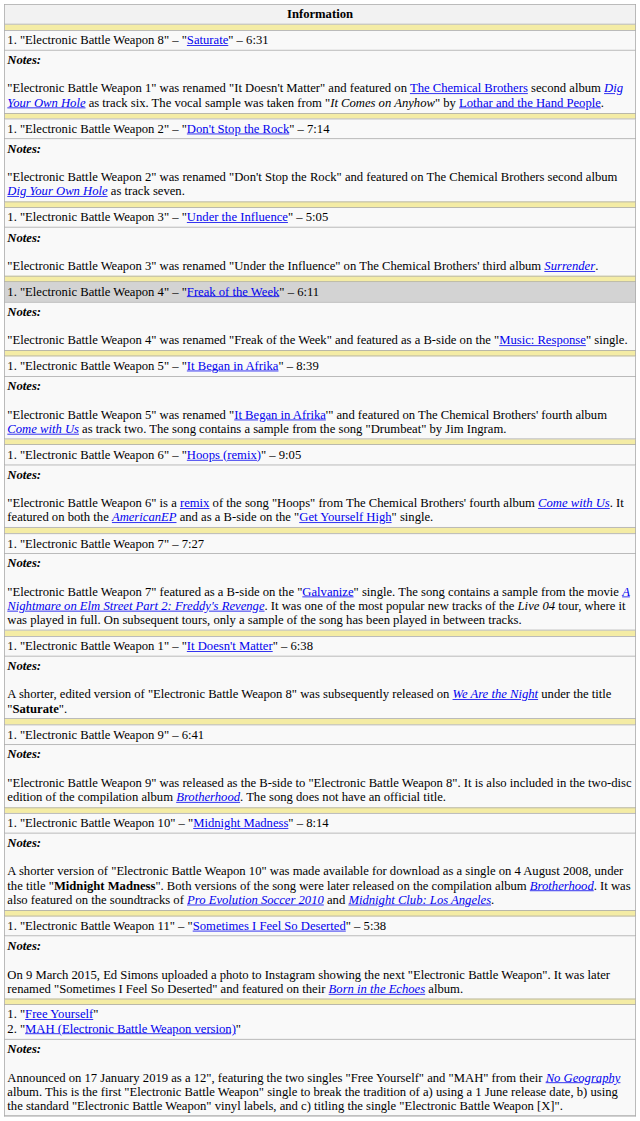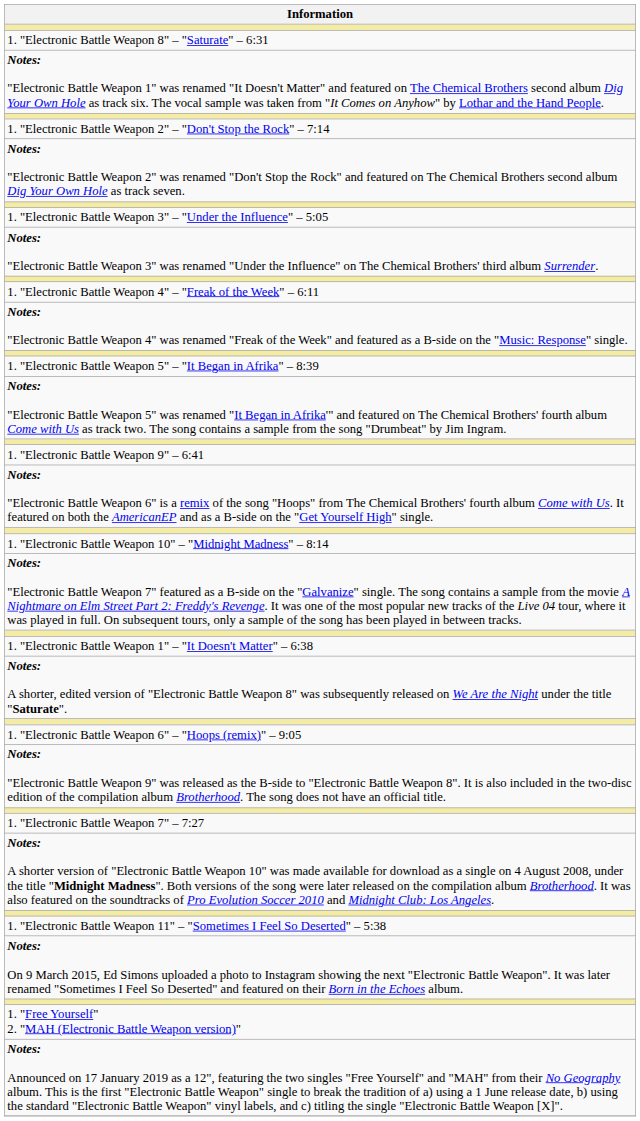 <table class="wikitable" width="800">
 <tr>
 <th width="670">Information</th>
 </tr>
 <tr>
 <td colspan="2" bgcolor="F4ECA5"></td>
 </tr>
 <tr>
 <td>1. "Electronic Battle Weapon 8" – "<a href='#'>Saturate</a>" – 6:31</td>
 </tr>
 <tr>
 <td><strong><em>Notes:</em></strong><br><br>"Electronic Battle Weapon 1" was renamed "It Doesn't Matter" and featured on <a href='#'>The Chemical Brothers</a> second album <em><a href='#'>Dig Your Own Hole</a></em> as track six. The vocal sample was taken from "<em>It Comes on Anyhow</em>" by <a href='#'>Lothar and the Hand People</a>.</td>
 </tr>
 <tr>
 <td colspan="2" bgcolor="F4ECA5"></td>
 </tr>
 <tr>
 <td>1. "Electronic Battle Weapon 2" – "<a href='#'>Don't Stop the Rock</a>" – 7:14</td>
 </tr>
 <tr>
 <td><strong><em>Notes:</em></strong><br><br>"Electronic Battle Weapon 2" was renamed "Don't Stop the Rock" and featured on The Chemical Brothers second album <em><a href='#'>Dig Your Own Hole</a></em> as track seven.</td>
 </tr>
 <tr>
 <td colspan="2" bgcolor="F4ECA5"></td>
 </tr>
 <tr>
 <td>1. "Electronic Battle Weapon 3" – "<a href='#'>Under the Influence</a>" – 5:05</td>
 </tr>
 <tr>
 <td><strong><em>Notes:</em></strong><br><br>"Electronic Battle Weapon 3" was renamed "Under the Influence" on The Chemical Brothers' third album <em><a href='#'>Surrender</a></em>.</td>
 </tr>
 <tr>
 <td colspan="2" bgcolor="F4ECA5"></td>
 </tr>
 <tr>
-<td style="background: lightgrey;">1. "Electronic Battle Weapon 4" – "<a href='#'>Freak of the Week</a>" – 6:11</td>
+<td>1. "Electronic Battle Weapon 4" – "<a href='#'>Freak of the Week</a>" – 6:11</td>
 </tr>
 <tr>
 <td><strong><em>Notes:</em></strong><br><br>"Electronic Battle Weapon 4" was renamed "Freak of the Week" and featured as a B-side on the "<a href='#'>Music: Response</a>" single.</td>
 </tr>
 <tr>
 <td colspan="2" bgcolor="F4ECA5"></td>
 </tr>
 <tr>
 <td>1. "Electronic Battle Weapon 5" – "<a href='#'>It Began in Afrika</a>" – 8:39</td>
 </tr>
 <tr>
 <td><strong><em>Notes:</em></strong><br><br>"Electronic Battle Weapon 5" was renamed "<a href='#'>It Began in Afrika</a>'" and featured on The Chemical Brothers' fourth album <em><a href='#'>Come with Us</a></em> as track two. The song contains a sample from the song "Drumbeat" by Jim Ingram.</td>
 </tr>
 <tr>
 <td colspan="2" bgcolor="F4ECA5"></td>
 </tr>
 <tr>
-<td>1. "Electronic Battle Weapon 6" – "<a href='#'>Hoops (remix)</a>" – 9:05</td>
+<td>1. "Electronic Battle Weapon 9" – 6:41</td>
 </tr>
 <tr>
 <td><strong><em>Notes:</em></strong><br><br>"Electronic Battle Weapon 6" is a <a href='#'>remix</a> of the song "Hoops" from The Chemical Brothers' fourth album <em><a href='#'>Come with Us</a></em>. It featured on both the <em><a href='#'>AmericanEP</a></em> and as a B-side on the "<a href='#'>Get Yourself High</a>" single.</td>
 </tr>
 <tr>
 <td colspan="2" bgcolor="F4ECA5"></td>
 </tr>
 <tr>
-<td>1. "Electronic Battle Weapon 7" – 7:27</td>
+<td>1. "Electronic Battle Weapon 10" – "<a href='#'>Midnight Madness</a>" – 8:14<br></td>
 </tr>
 <tr>
 <td><strong><em>Notes:</em></strong><br><br>"Electronic Battle Weapon 7"  featured as a B-side on the "<a href='#'>Galvanize</a>" single. The song contains a sample from the movie <em><a href='#'>A Nightmare on Elm Street Part 2: Freddy's Revenge</a></em>. It was one of the most popular new tracks of the <em>Live 04</em> tour, where it was played in full. On subsequent tours, only a sample of the song has been played in between tracks.</td>
 </tr>
 <tr>
 <td colspan="2" bgcolor="F4ECA5"></td>
 </tr>
 <tr>
 <td>1. "Electronic Battle Weapon 1" – "<a href='#'>It Doesn't Matter</a>" – 6:38<br></td>
 </tr>
 <tr>
 <td><strong><em>Notes:</em></strong><br><br>A shorter, edited version of "Electronic Battle Weapon 8" was subsequently released on <em><a href='#'>We Are the Night</a></em> under the title "<strong>Saturate</strong>".</td>
 </tr>
 <tr>
 <td colspan="2" bgcolor="F4ECA5"></td>
 </tr>
 <tr>
-<td>1. "Electronic Battle Weapon 9" – 6:41</td>
+<td>1. "Electronic Battle Weapon 6" – "<a href='#'>Hoops (remix)</a>" – 9:05</td>
 </tr>
 <tr>
 <td><strong><em>Notes:</em></strong><br><br>"Electronic Battle Weapon 9" was released as the B-side to "Electronic Battle Weapon 8". It is also included in the two-disc edition of the compilation album <em><a href='#'>Brotherhood</a></em>. The song does not have an official title.</td>
 </tr>
 <tr>
 <td colspan="2" bgcolor="F4ECA5"></td>
 </tr>
 <tr>
-<td>1. "Electronic Battle Weapon 10" – "<a href='#'>Midnight Madness</a>" – 8:14<br></td>
+<td>1. "Electronic Battle Weapon 7" – 7:27</td>
 </tr>
 <tr>
 <td><strong><em>Notes:</em></strong><br><br>A shorter version of "Electronic Battle Weapon 10" was made available for download as a single on 4 August 2008, under the title "<strong>Midnight Madness</strong>". Both versions of the song were later released on the compilation album <em><a href='#'>Brotherhood</a></em>. It was also featured on the soundtracks of <em><a href='#'>Pro Evolution Soccer 2010</a></em> and <em><a href='#'>Midnight Club: Los Angeles</a></em>.</td>
 </tr>
 <tr>
 <td colspan="2" bgcolor="F4ECA5"></td>
 </tr>
 <tr>
 <td>1. "Electronic Battle Weapon 11" – "<a href='#'>Sometimes I Feel So Deserted</a>" – 5:38<br></td>
 </tr>
 <tr>
 <td><strong><em>Notes:</em></strong><br><br>On 9 March 2015, Ed Simons uploaded a photo to Instagram showing the next "Electronic Battle Weapon". It was later renamed "Sometimes I Feel So Deserted" and featured on their <em><a href='#'>Born in the Echoes</a></em> album.</td>
 </tr>
 <tr>
 <td colspan="2" bgcolor="F4ECA5"></td>
 </tr>
 <tr>
 <td>1. "<a href='#'>Free Yourself</a>"<br>2. "<a href='#'>MAH (Electronic Battle Weapon version)</a>"</td>
 </tr>
 <tr>
 <td><strong><em>Notes:</em></strong><br><br>Announced on 17 January 2019 as a 12", featuring the two singles "Free Yourself" and "MAH" from their <em><a href='#'>No Geography</a></em> album. This is the first "Electronic Battle Weapon" single to break the tradition of a) using a 1 June release date, b) using the standard "Electronic Battle Weapon" vinyl labels, and c) titling the single "Electronic Battle Weapon [X]".</td>
 </tr>
 <tr>
 </tr>
 </table>
